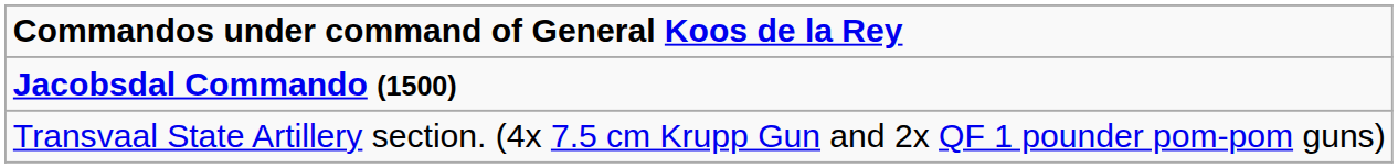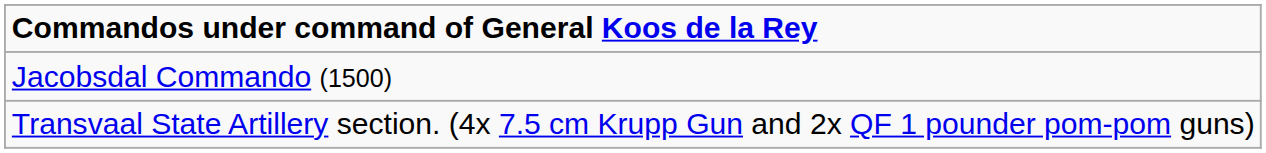 <table class="wikitable">
 <tr>
 <td><strong>Commandos under command of General <a href='#'>Koos de la Rey</a></strong></td>
 </tr>
 <tr>
-<td><strong><a href='#'>Jacobsdal Commando</a> <small>(1500)</small></strong></td>
+<td><a href='#'>Jacobsdal Commando</a> <small>(1500)</small></td>
 </tr>
 <tr>
 <td><a href='#'>Transvaal State Artillery</a> section. (4x <a href='#'>7.5 cm Krupp Gun</a> and 2x <a href='#'>QF 1 pounder pom-pom</a> guns)</td>
 </tr>
 </table>
